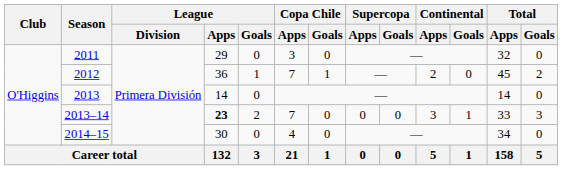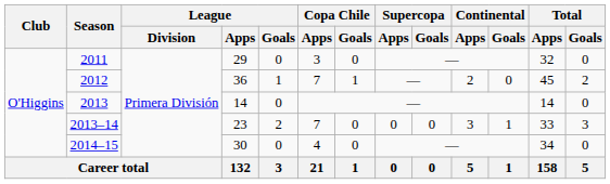 <table class="wikitable" style="text-align: center;">
 <tr>
 <th rowspan="2">Club</th>
 <th rowspan="2">Season</th>
 <th colspan="3">League</th>
 <th colspan="2">Copa Chile</th>
 <th colspan="2">Supercopa</th>
 <th colspan="2">Continental</th>
 <th colspan="2">Total</th>
 </tr>
 <tr>
 <th>Division</th>
 <th>Apps</th>
 <th>Goals</th>
 <th>Apps</th>
 <th>Goals</th>
 <th>Apps</th>
 <th>Goals</th>
 <th>Apps</th>
 <th>Goals</th>
 <th>Apps</th>
 <th>Goals</th>
 </tr>
 <tr>
 <td rowspan="5"><a href='#'>O'Higgins</a></td>
 <td><a href='#'>2011</a></td>
 <td rowspan="5"><a href='#'>Primera División</a></td>
 <td>29</td>
 <td>0</td>
 <td>3</td>
 <td>0</td>
 <td colspan="4">—</td>
 <td>32</td>
 <td>0</td>
 </tr>
 <tr>
 <td><a href='#'>2012</a></td>
 <td>36</td>
 <td>1</td>
 <td>7</td>
 <td>1</td>
 <td colspan="2">—</td>
 <td>2</td>
 <td>0</td>
 <td>45</td>
 <td>2</td>
 </tr>
 <tr>
 <td><a href='#'>2013</a></td>
 <td>14</td>
 <td>0</td>
 <td colspan="6">—</td>
 <td>14</td>
 <td>0</td>
 </tr>
 <tr>
 <td><a href='#'>2013–14</a></td>
-<td><strong>23</strong></td>
+<td>23</td>
 <td>2</td>
 <td>7</td>
 <td>0</td>
 <td>0</td>
 <td>0</td>
 <td>3</td>
 <td>1</td>
 <td>33</td>
 <td>3</td>
 </tr>
 <tr>
 <td><a href='#'>2014–15</a></td>
 <td>30</td>
 <td>0</td>
 <td>4</td>
 <td>0</td>
 <td colspan="4">—</td>
 <td>34</td>
 <td>0</td>
 </tr>
 <tr>
 <th colspan="3">Career total</th>
 <th>132</th>
 <th>3</th>
 <th>21</th>
 <th>1</th>
 <th>0</th>
 <th>0</th>
 <th>5</th>
 <th>1</th>
 <th>158</th>
 <th>5</th>
 </tr>
 </table>
